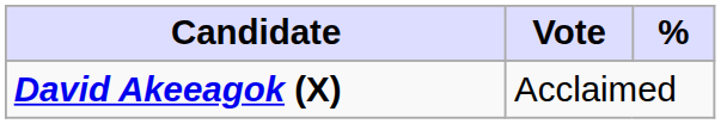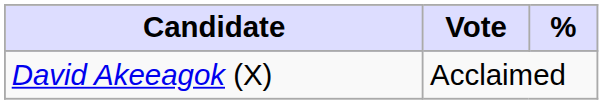 <table class="wikitable">
 <tr>
 <th style="background:#ddf; width:220px;">Candidate</th>
 <th style="background:#ddf; width:50px;">Vote</th>
 <th style="background:#ddf; width:30px;">%</th>
 </tr>
 <tr>
-<td><strong><em><a href='#'>David Akeeagok</a></em> (X)</strong></td>
+<td><em><a href='#'>David Akeeagok</a></em> (X)</td>
 <td colspan="2">Acclaimed</td>
 </tr>
 </table>
